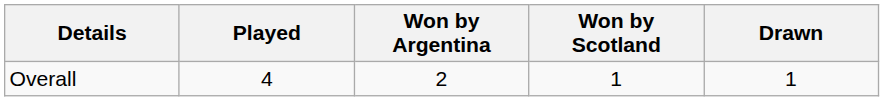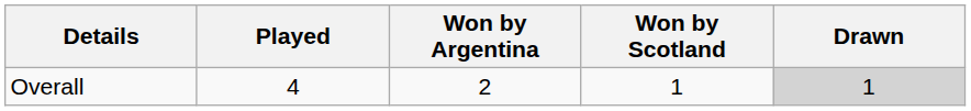 <table class="wikitable">
 <tr>
 <th width="125">Details</th>
 <th width="125">Played</th>
 <th width="125">Won by<br>Argentina</th>
 <th width="125">Won by<br>Scotland</th>
 <th width="125">Drawn</th>
 </tr>
 <tr>
 <td>Overall</td>
 <td align=center>4</td>
 <td align=center>2</td>
 <td align=center>1</td>
-<td align=center>1</td>
+<td align=center style="background: lightgrey;">1</td>
 </tr>
 </table>
